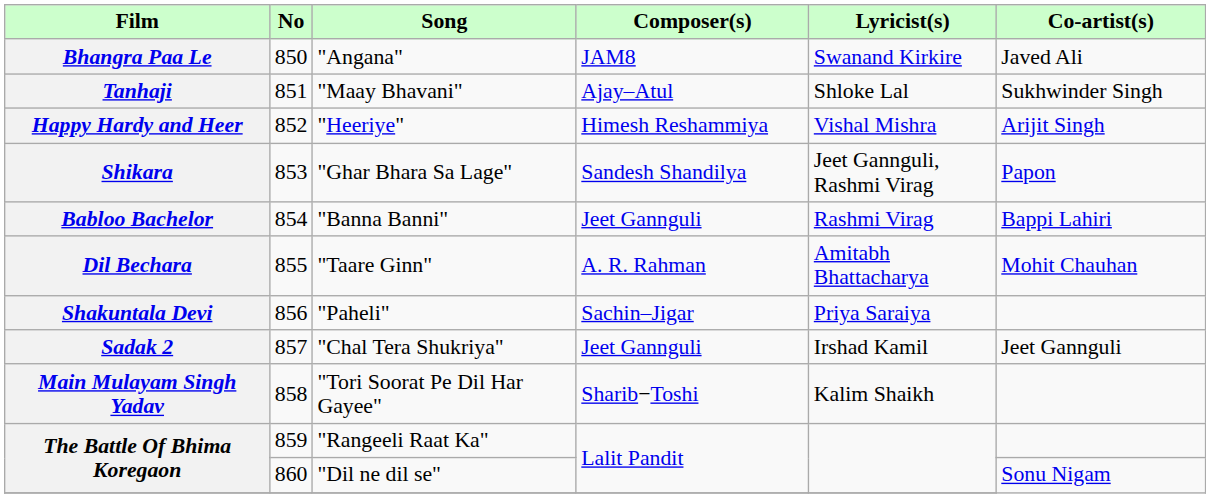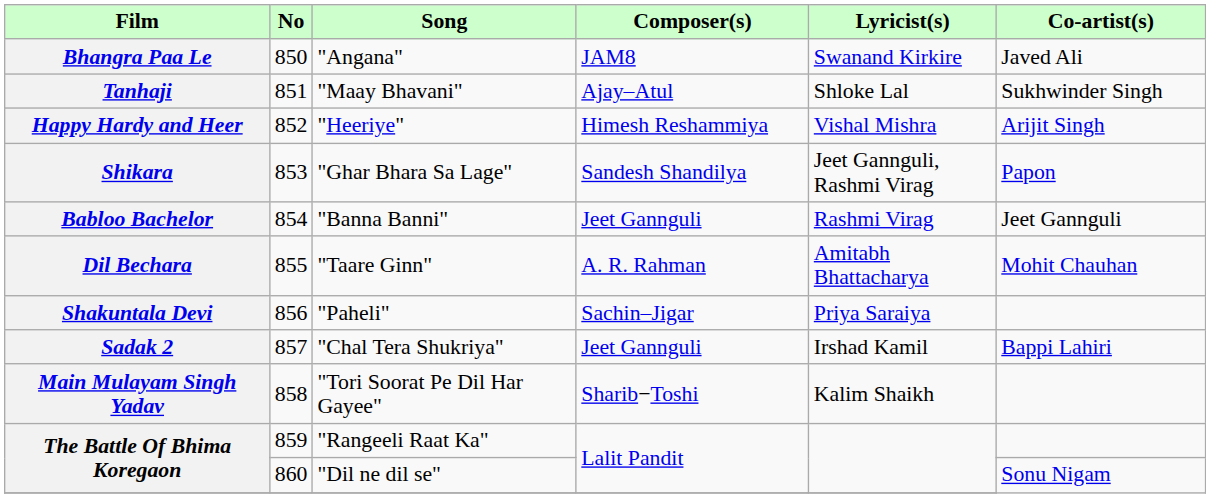 <table class="wikitable plainrowheaders" style="width:100%; textcolor:#000">
 <tr style="background:#cfc; text-align:center;">
 <td scope="col" style="width:23%;"><strong>Film</strong></td>
 <td><strong>No</strong></td>
 <td scope="col" style="width:23%;"><strong>Song</strong></td>
 <td scope="col" style="width:20%;"><strong>Composer(s)</strong></td>
 <td scope="col" style="width:16%;"><strong>Lyricist(s)</strong></td>
 <td scope="col" style="width:18%;"><strong>Co-artist(s)</strong></td>
 </tr>
 <tr>
 <th scope="row"><em><a href='#'>Bhangra Paa Le</a></em></th>
 <td>850</td>
 <td>"Angana"</td>
 <td><a href='#'>JAM8</a></td>
 <td><a href='#'>Swanand Kirkire</a></td>
 <td>Javed Ali</td>
 </tr>
 <tr>
 <th scope="row"><em><a href='#'>Tanhaji</a></em></th>
 <td>851</td>
 <td>"Maay Bhavani"</td>
 <td><a href='#'>Ajay–Atul</a></td>
 <td>Shloke Lal</td>
 <td>Sukhwinder Singh</td>
 </tr>
 <tr>
 <th scope="row"><em><a href='#'>Happy Hardy and Heer</a></em></th>
 <td>852</td>
 <td>"<a href='#'>Heeriye</a>"</td>
 <td><a href='#'>Himesh Reshammiya</a></td>
 <td><a href='#'>Vishal Mishra</a></td>
 <td><a href='#'>Arijit Singh</a></td>
 </tr>
 <tr>
 <th scope="row"><em><a href='#'>Shikara</a></em></th>
 <td>853</td>
 <td>"Ghar Bhara Sa Lage"</td>
 <td><a href='#'>Sandesh Shandilya</a></td>
 <td>Jeet Gannguli, Rashmi Virag</td>
 <td><a href='#'>Papon</a></td>
 </tr>
 <tr>
 <th scope="row"><em><a href='#'>Babloo Bachelor</a></em></th>
 <td>854</td>
 <td>"Banna Banni"</td>
 <td><a href='#'>Jeet Gannguli</a></td>
 <td><a href='#'>Rashmi Virag</a></td>
-<td><a href='#'>Bappi Lahiri</a></td>
+<td>Jeet Gannguli</td>
 </tr>
 <tr>
 <th scope="row"><em><a href='#'>Dil Bechara</a></em></th>
 <td>855</td>
 <td>"Taare Ginn"</td>
 <td><a href='#'>A. R. Rahman</a></td>
 <td><a href='#'>Amitabh Bhattacharya</a></td>
 <td><a href='#'>Mohit Chauhan</a></td>
 </tr>
 <tr>
 <th scope="row"><em><a href='#'>Shakuntala Devi</a></em></th>
 <td>856</td>
 <td>"Paheli"</td>
 <td><a href='#'>Sachin–Jigar</a></td>
 <td><a href='#'>Priya Saraiya</a></td>
 <td></td>
 </tr>
 <tr>
 <th scope="row"><em><a href='#'>Sadak 2</a></em></th>
 <td>857</td>
 <td>"Chal Tera Shukriya"</td>
 <td><a href='#'>Jeet Gannguli</a></td>
 <td>Irshad Kamil</td>
-<td>Jeet Gannguli</td>
+<td><a href='#'>Bappi Lahiri</a></td>
 </tr>
 <tr>
 <th scope="row"><em><a href='#'>Main Mulayam Singh Yadav</a></em></th>
 <td>858</td>
 <td>"Tori Soorat Pe Dil Har Gayee"</td>
 <td><a href='#'>Sharib</a>−<a href='#'>Toshi</a></td>
 <td>Kalim Shaikh</td>
 </tr>
 <tr>
 <th scope="row" rowspan="2"><em> The Battle Of Bhima Koregaon </em></th>
 <td>859</td>
 <td>"Rangeeli Raat Ka"</td>
 <td rowspan="2"><a href='#'>Lalit Pandit</a></td>
 <td rowspan="2"></td>
 <td></td>
 </tr>
 <tr>
 <td>860</td>
 <td>"Dil ne dil se"</td>
 <td rowspan="2"><a href='#'>Sonu Nigam </a></td>
 </tr>
 <tr>
 </tr>
 </table>
